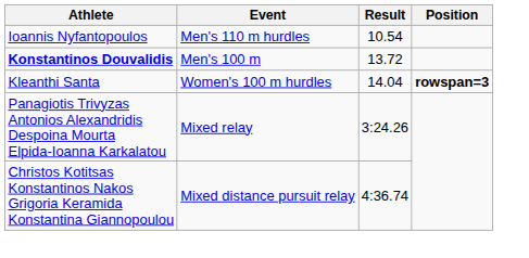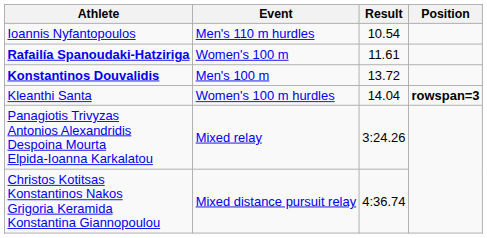 <table class="wikitable" style="text-align:center; font-size:90%">
 <tr style="font-size:95%">
 <th>Athlete</th>
 <th>Event</th>
 <th>Result</th>
 <th>Position</th>
 </tr>
 <tr>
 <td align=left><a href='#'>Ioannis Nyfantopoulos</a></td>
 <td align=left><a href='#'>Men's 110 m hurdles</a></td>
 <td>10.54</td>
+<td></td>
+</tr>
+<tr>
+<td align=left><strong><a href='#'>Rafailía Spanoudaki-Hatziriga</a></strong></td>
+<td align=left><a href='#'>Women's 100 m</a></td>
+<td>11.61</td>
 <td></td>
 </tr>
 <tr>
 <td align=left><strong><a href='#'>Konstantinos Douvalidis</a></strong></td>
 <td align=left><a href='#'>Men's 100 m</a></td>
 <td>13.72</td>
 <td></td>
 </tr>
 <tr>
 <td align=left><a href='#'>Kleanthi Santa</a></td>
 <td align=left><a href='#'>Women's 100 m hurdles</a></td>
 <td>14.04</td>
 <td><strong>rowspan=3 </strong></td>
 </tr>
 <tr>
 <td align=left><a href='#'>Panagiotis Trivyzas</a><br><a href='#'>Antonios Alexandridis</a><br><a href='#'>Despoina Mourta</a><br><a href='#'>Elpida-Ioanna Karkalatou</a></td>
 <td align=left><a href='#'>Mixed  relay</a></td>
 <td>3:24.26</td>
 </tr>
 <tr>
 <td align=left><a href='#'>Christos Kotitsas</a><br><a href='#'>Konstantinos Nakos</a><br><a href='#'>Grigoria Keramida</a><br><a href='#'>Konstantina Giannopoulou</a></td>
 <td align=left><a href='#'>Mixed distance pursuit relay</a></td>
 <td>4:36.74</td>
 </tr>
 </table>
